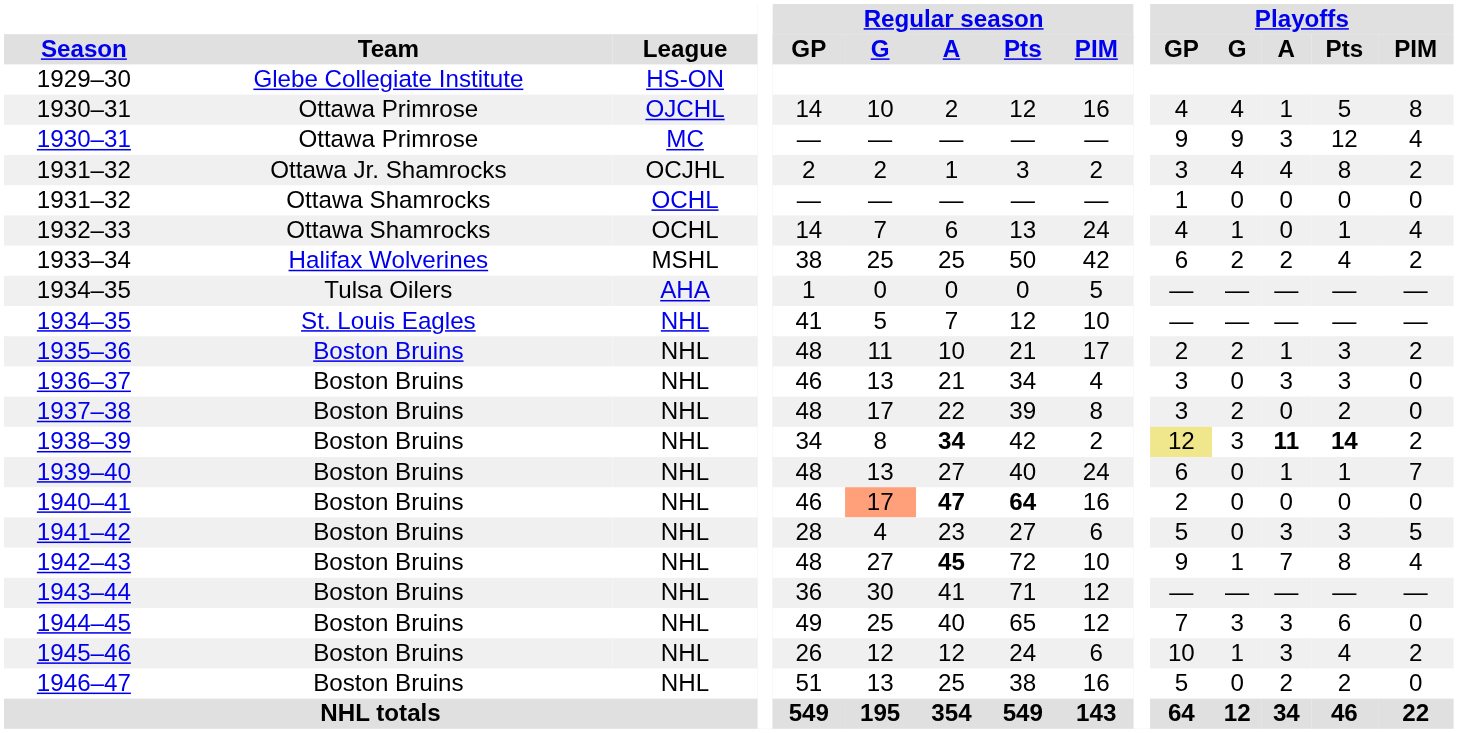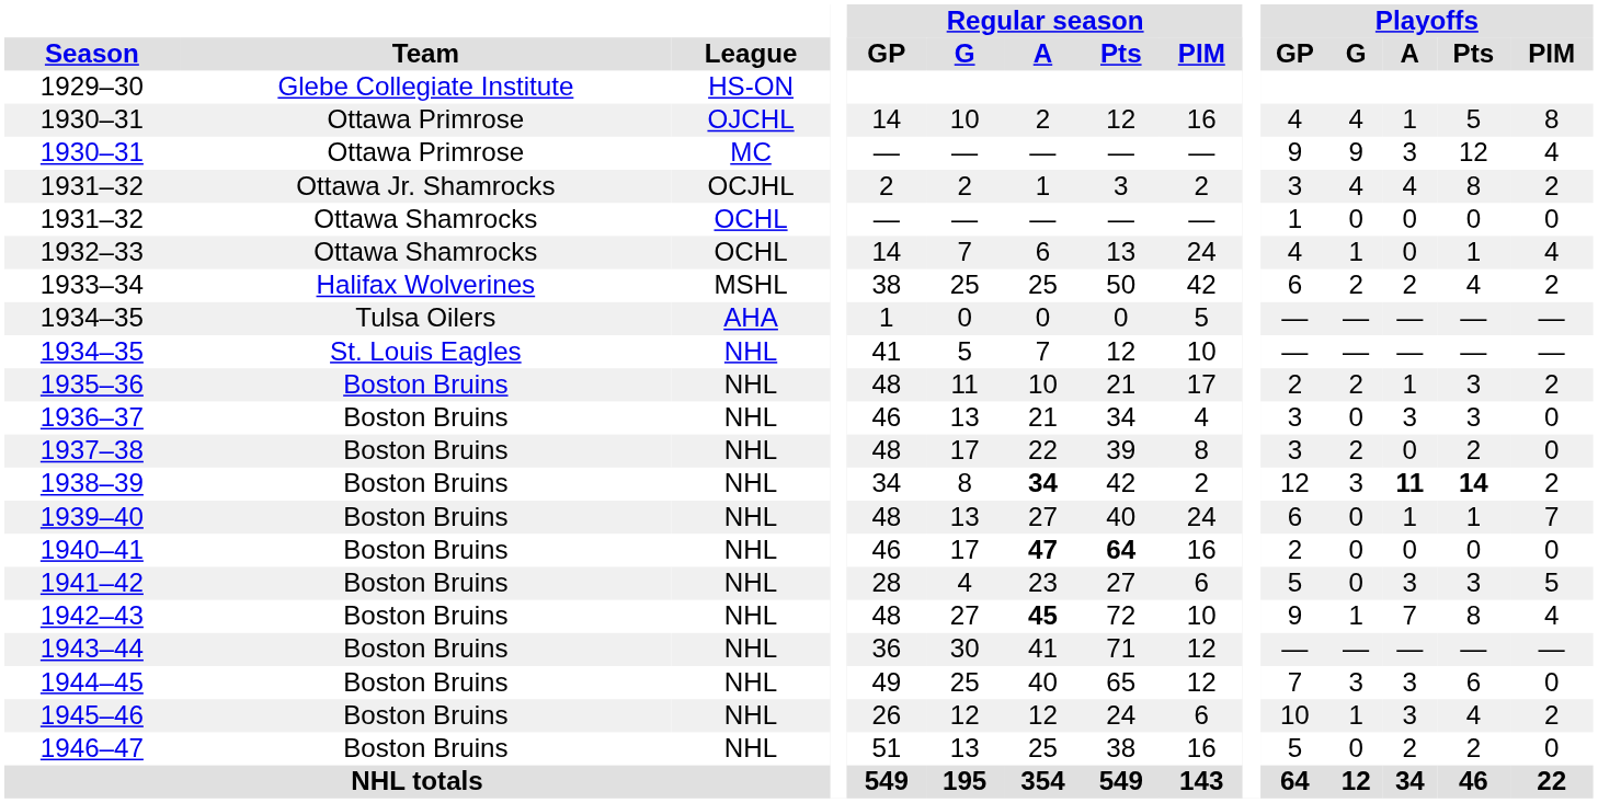 <table border="0" cellpadding="1" cellspacing="0" style="text-align:center; width:60em;">
 <tr style="background:#e0e0e0;">
 <th colspan="3" bgcolor="#ffffff"> </th>
 <th rowspan="99" bgcolor="#ffffff"> </th>
 <th colspan="5"><a href='#'>Regular season</a></th>
 <th rowspan="99" bgcolor="#ffffff"> </th>
 <th colspan="5"><a href='#'>Playoffs</a></th>
 </tr>
 <tr style="background:#e0e0e0;">
 <th><a href='#'>Season</a></th>
 <th>Team</th>
 <th>League</th>
 <th>GP</th>
 <th><a href='#'>G</a></th>
 <th><a href='#'>A</a></th>
 <th><a href='#'>Pts</a></th>
 <th><a href='#'>PIM</a></th>
 <th>GP</th>
 <th>G</th>
 <th>A</th>
 <th>Pts</th>
 <th>PIM</th>
 </tr>
 <tr>
 <td>1929–30</td>
 <td><a href='#'>Glebe Collegiate Institute</a></td>
 <td><a href='#'>HS-ON</a></td>
 <td></td>
 <td></td>
 <td></td>
 <td></td>
 <td></td>
 <td></td>
 <td></td>
 <td></td>
 <td></td>
 <td></td>
 </tr>
 <tr style="background:#f0f0f0;">
 <td>1930–31</td>
 <td>Ottawa Primrose</td>
 <td><a href='#'>OJCHL</a></td>
 <td>14</td>
 <td>10</td>
 <td>2</td>
 <td>12</td>
 <td>16</td>
 <td>4</td>
 <td>4</td>
 <td>1</td>
 <td>5</td>
 <td>8</td>
 </tr>
 <tr>
 <td><a href='#'>1930–31</a></td>
 <td>Ottawa Primrose</td>
 <td><a href='#'>MC</a></td>
 <td>—</td>
 <td>—</td>
 <td>—</td>
 <td>—</td>
 <td>—</td>
 <td>9</td>
 <td>9</td>
 <td>3</td>
 <td>12</td>
 <td>4</td>
 </tr>
 <tr style="background:#f0f0f0;">
 <td>1931–32</td>
 <td>Ottawa Jr. Shamrocks</td>
 <td>OCJHL</td>
 <td>2</td>
 <td>2</td>
 <td>1</td>
 <td>3</td>
 <td>2</td>
 <td>3</td>
 <td>4</td>
 <td>4</td>
 <td>8</td>
 <td>2</td>
 </tr>
 <tr>
 <td>1931–32</td>
 <td>Ottawa Shamrocks</td>
 <td><a href='#'>OCHL</a></td>
 <td>—</td>
 <td>—</td>
 <td>—</td>
 <td>—</td>
 <td>—</td>
 <td>1</td>
 <td>0</td>
 <td>0</td>
 <td>0</td>
 <td>0</td>
 </tr>
 <tr style="background:#f0f0f0;">
 <td>1932–33</td>
 <td>Ottawa Shamrocks</td>
 <td>OCHL</td>
 <td>14</td>
 <td>7</td>
 <td>6</td>
 <td>13</td>
 <td>24</td>
 <td>4</td>
 <td>1</td>
 <td>0</td>
 <td>1</td>
 <td>4</td>
 </tr>
 <tr>
 <td>1933–34</td>
 <td><a href='#'>Halifax Wolverines</a></td>
 <td>MSHL</td>
 <td>38</td>
 <td>25</td>
 <td>25</td>
 <td>50</td>
 <td>42</td>
 <td>6</td>
 <td>2</td>
 <td>2</td>
 <td>4</td>
 <td>2</td>
 </tr>
 <tr style="background:#f0f0f0;">
 <td>1934–35</td>
 <td>Tulsa Oilers</td>
 <td><a href='#'>AHA</a></td>
 <td>1</td>
 <td>0</td>
 <td>0</td>
 <td>0</td>
 <td>5</td>
 <td>—</td>
 <td>—</td>
 <td>—</td>
 <td>—</td>
 <td>—</td>
 </tr>
 <tr>
 <td><a href='#'>1934–35</a></td>
 <td><a href='#'>St. Louis Eagles</a></td>
 <td><a href='#'>NHL</a></td>
 <td>41</td>
 <td>5</td>
 <td>7</td>
 <td>12</td>
 <td>10</td>
 <td>—</td>
 <td>—</td>
 <td>—</td>
 <td>—</td>
 <td>—</td>
 </tr>
 <tr style="background:#f0f0f0;">
 <td><a href='#'>1935–36</a></td>
 <td><a href='#'>Boston Bruins</a></td>
 <td>NHL</td>
 <td>48</td>
 <td>11</td>
 <td>10</td>
 <td>21</td>
 <td>17</td>
 <td>2</td>
 <td>2</td>
 <td>1</td>
 <td>3</td>
 <td>2</td>
 </tr>
 <tr>
 <td><a href='#'>1936–37</a></td>
 <td>Boston Bruins</td>
 <td>NHL</td>
 <td>46</td>
 <td>13</td>
 <td>21</td>
 <td>34</td>
 <td>4</td>
 <td>3</td>
 <td>0</td>
 <td>3</td>
 <td>3</td>
 <td>0</td>
 </tr>
 <tr style="background:#f0f0f0;">
 <td><a href='#'>1937–38</a></td>
 <td>Boston Bruins</td>
 <td>NHL</td>
 <td>48</td>
 <td>17</td>
 <td>22</td>
 <td>39</td>
 <td>8</td>
 <td>3</td>
 <td>2</td>
 <td>0</td>
 <td>2</td>
 <td>0</td>
 </tr>
 <tr>
 <td><a href='#'>1938–39</a></td>
 <td>Boston Bruins</td>
 <td>NHL</td>
 <td>34</td>
 <td>8</td>
 <td><strong>34</strong></td>
 <td>42</td>
 <td>2</td>
-<td style="background: khaki;">12</td>
+<td>12</td>
 <td>3</td>
 <td><strong>11</strong></td>
 <td><strong>14</strong></td>
 <td>2</td>
 </tr>
 <tr style="background:#f0f0f0;">
 <td><a href='#'>1939–40</a></td>
 <td>Boston Bruins</td>
 <td>NHL</td>
 <td>48</td>
 <td>13</td>
 <td>27</td>
 <td>40</td>
 <td>24</td>
 <td>6</td>
 <td>0</td>
 <td>1</td>
 <td>1</td>
 <td>7</td>
 </tr>
 <tr>
 <td><a href='#'>1940–41</a></td>
 <td>Boston Bruins</td>
 <td>NHL</td>
 <td>46</td>
-<td style="background: lightsalmon;">17</td>
+<td>17</td>
 <td><strong>47</strong></td>
 <td><strong>64</strong></td>
 <td>16</td>
 <td>2</td>
 <td>0</td>
 <td>0</td>
 <td>0</td>
 <td>0</td>
 </tr>
 <tr style="background:#f0f0f0;">
 <td><a href='#'>1941–42</a></td>
 <td>Boston Bruins</td>
 <td>NHL</td>
 <td>28</td>
 <td>4</td>
 <td>23</td>
 <td>27</td>
 <td>6</td>
 <td>5</td>
 <td>0</td>
 <td>3</td>
 <td>3</td>
 <td>5</td>
 </tr>
 <tr>
 <td><a href='#'>1942–43</a></td>
 <td>Boston Bruins</td>
 <td>NHL</td>
 <td>48</td>
 <td>27</td>
 <td><strong>45</strong></td>
 <td>72</td>
 <td>10</td>
 <td>9</td>
 <td>1</td>
 <td>7</td>
 <td>8</td>
 <td>4</td>
 </tr>
 <tr style="background:#f0f0f0;">
 <td><a href='#'>1943–44</a></td>
 <td>Boston Bruins</td>
 <td>NHL</td>
 <td>36</td>
 <td>30</td>
 <td>41</td>
 <td>71</td>
 <td>12</td>
 <td>—</td>
 <td>—</td>
 <td>—</td>
 <td>—</td>
 <td>—</td>
 </tr>
 <tr>
 <td><a href='#'>1944–45</a></td>
 <td>Boston Bruins</td>
 <td>NHL</td>
 <td>49</td>
 <td>25</td>
 <td>40</td>
 <td>65</td>
 <td>12</td>
 <td>7</td>
 <td>3</td>
 <td>3</td>
 <td>6</td>
 <td>0</td>
 </tr>
 <tr style="background:#f0f0f0;">
 <td><a href='#'>1945–46</a></td>
 <td>Boston Bruins</td>
 <td>NHL</td>
 <td>26</td>
 <td>12</td>
 <td>12</td>
 <td>24</td>
 <td>6</td>
 <td>10</td>
 <td>1</td>
 <td>3</td>
 <td>4</td>
 <td>2</td>
 </tr>
 <tr>
 <td><a href='#'>1946–47</a></td>
 <td>Boston Bruins</td>
 <td>NHL</td>
 <td>51</td>
 <td>13</td>
 <td>25</td>
 <td>38</td>
 <td>16</td>
 <td>5</td>
 <td>0</td>
 <td>2</td>
 <td>2</td>
 <td>0</td>
 </tr>
 <tr style="background:#e0e0e0;">
 <th colspan="3">NHL totals</th>
 <th>549</th>
 <th>195</th>
 <th>354</th>
 <th>549</th>
 <th>143</th>
 <th>64</th>
 <th>12</th>
 <th>34</th>
 <th>46</th>
 <th>22</th>
 </tr>
 </table>
